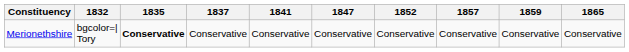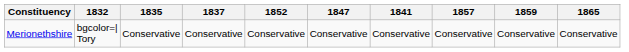 <table class=wikitable sortable>
 <tr>
 <th>Constituency</th>
 <th>1832</th>
 <th>1835</th>
 <th>1837</th>
+<th>1852</th>
+<th>1847</th>
 <th>1841</th>
-<th>1847</th>
-<th>1852</th>
 <th>1857</th>
 <th>1859</th>
 <th>1865</th>
 </tr>
 <tr>
 <td><a href='#'>Merionethshire</a></td>
 <td bgcolor=>bgcolor=| Tory</td>
-<td bgcolor=><strong>Conservative</strong></td>
+<td bgcolor=>Conservative</td>
 <td bgcolor=>Conservative</td>
 <td bgcolor=>Conservative</td>
 <td bgcolor=>Conservative</td>
 <td bgcolor=>Conservative</td>
 <td bgcolor=>Conservative</td>
 <td bgcolor=>Conservative</td>
 <td bgcolor=>Conservative</td>
 </tr>
 </table>
